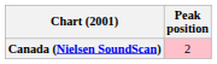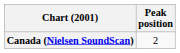 <table class="wikitable plainrowheaders">
 <tr>
 <th scope="col">Chart (2001)</th>
 <th scope="col">Peak<br>position</th>
 </tr>
 <tr>
 <th scope="row">Canada (<a href='#'>Nielsen SoundScan</a>)</th>
-<td align="center" style="background: pink;">2</td>
+<td align="center">2</td>
 </tr>
 </table>
